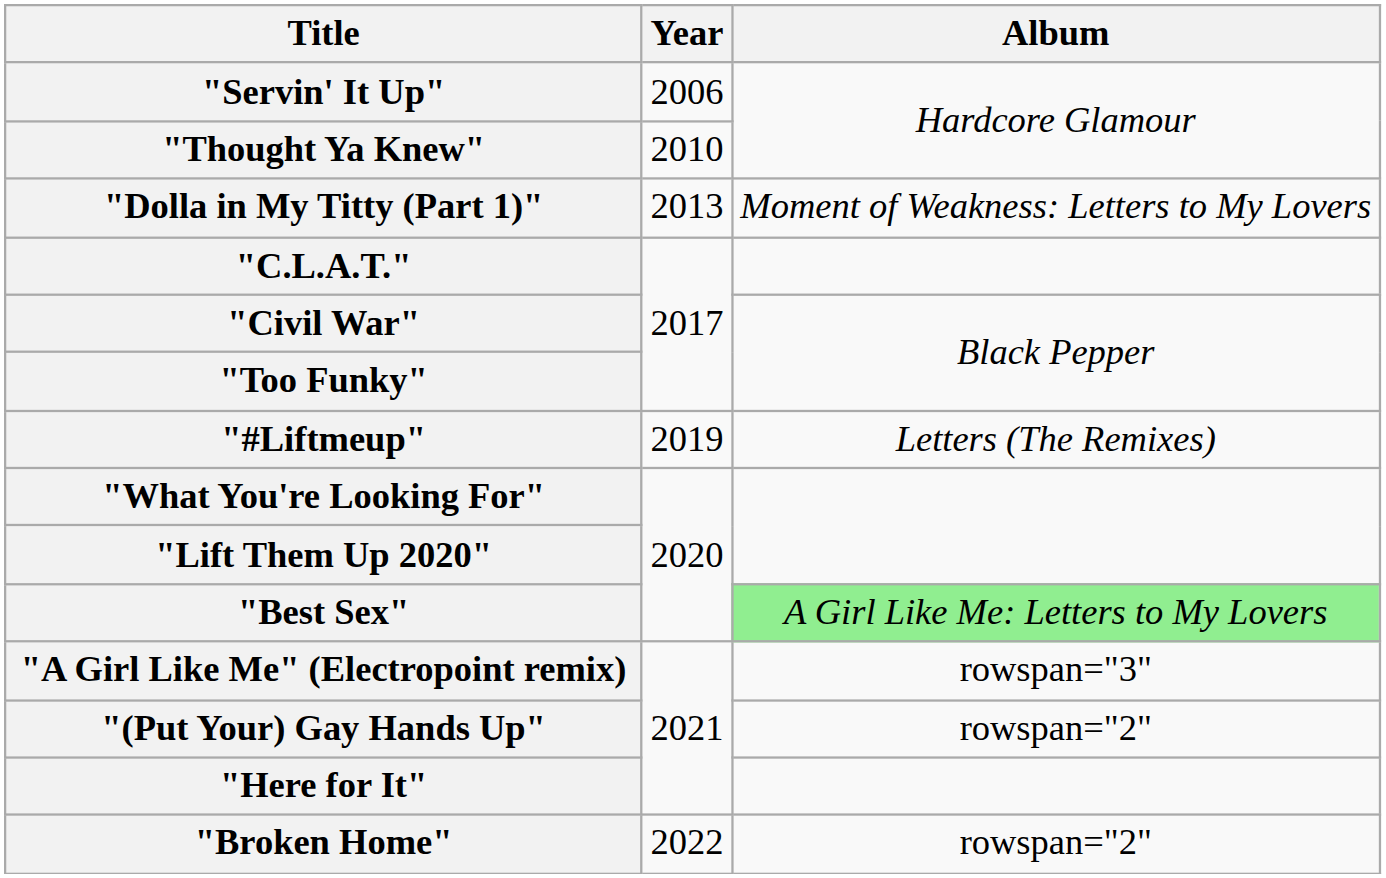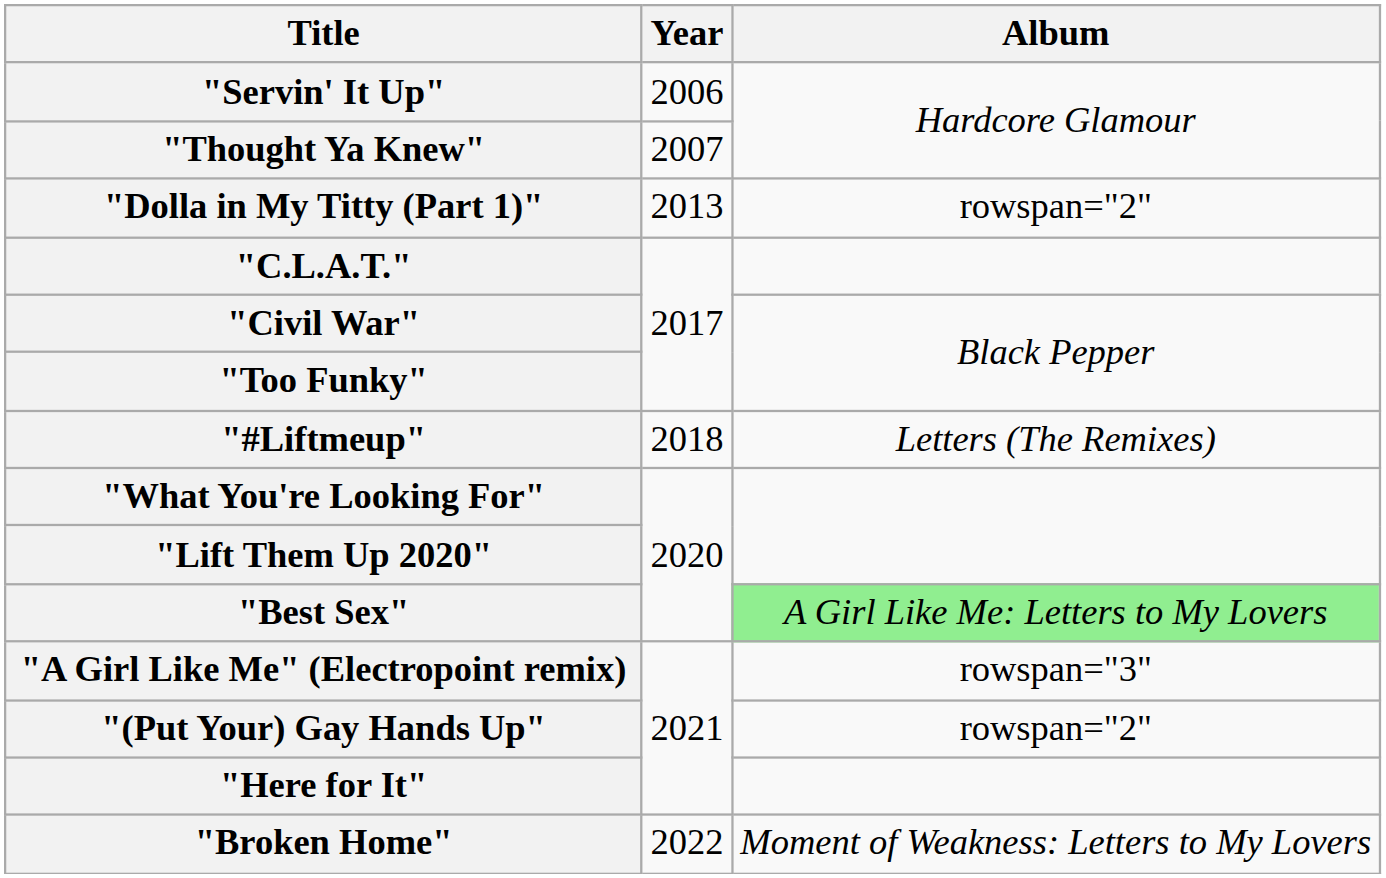 <table class="wikitable plainrowheaders" style="text-align:center;">
 <tr>
 <th scope="col" style="width:17em;">Title</th>
 <th scope="col">Year</th>
 <th scope="col">Album</th>
 </tr>
 <tr>
 <th scope="row">"Servin' It Up"<br></th>
 <td>2006</td>
 <td rowspan="2"><em>Hardcore Glamour</em></td>
 </tr>
 <tr>
 <th scope="row">"Thought Ya Knew"</th>
-<td>2010</td>
+<td>2007</td>
 </tr>
 <tr>
 <th scope="row">"Dolla in My Titty (Part 1)"</th>
 <td>2013</td>
-<td><em>Moment of Weakness: Letters to My Lovers</em></td>
+<td>rowspan="2" </td>
 </tr>
 <tr>
 <th scope="row">"C.L.A.T."<br></th>
 <td rowspan="3">2017</td>
 </tr>
 <tr>
 <th scope="row">"Civil War"</th>
 <td rowspan="2"><em>Black Pepper</em></td>
 </tr>
 <tr>
 <th scope="row">"Too Funky"<br></th>
 </tr>
 <tr>
 <th scope="row">"#Liftmeup"<br></th>
-<td>2019</td>
+<td>2018</td>
 <td><em>Letters (The Remixes)</em></td>
 </tr>
 <tr>
 <th scope="row">"What You're Looking For"</th>
 <td rowspan="3">2020</td>
 </tr>
 <tr>
 <th scope="row">"Lift Them Up 2020"<br></th>
 </tr>
 <tr>
 <th scope="row">"Best Sex"</th>
 <td style="background: lightgreen;"><em>A Girl Like Me: Letters to My Lovers</em></td>
 </tr>
 <tr>
 <th scope="row">"A Girl Like Me" (Electropoint remix)</th>
 <td rowspan="3">2021</td>
 <td>rowspan="3" </td>
 </tr>
 <tr>
 <th scope="row">"(Put Your) Gay Hands Up"<br></th>
 <td>rowspan="2" </td>
 </tr>
 <tr>
 <th scope="row">"Here for It"</th>
 </tr>
 <tr>
 <th scope="row">"Broken Home"<br></th>
 <td>2022</td>
-<td>rowspan="2" </td>
+<td><em>Moment of Weakness: Letters to My Lovers</em></td>
 </tr>
 </table>
